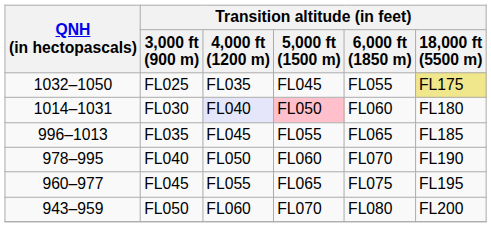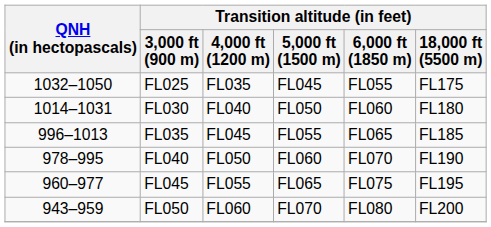 <table class="wikitable" align="right">
 <tr>
 <th rowspan=2><a href='#'>QNH</a><br>(in hectopascals)</th>
 <th colspan=5>Transition altitude (in feet)</th>
 </tr>
 <tr>
 <th>3,000 ft<br>(900 m)</th>
 <th>4,000 ft<br>(1200 m)</th>
 <th>5,000 ft<br>(1500 m)</th>
 <th>6,000 ft<br>(1850 m)</th>
 <th>18,000 ft<br>(5500 m)</th>
 </tr>
 <tr>
 <td align="center">1032–1050</td>
 <td>FL025</td>
 <td>FL035</td>
 <td>FL045</td>
 <td>FL055</td>
-<td style="background: khaki;">FL175</td>
+<td>FL175</td>
 </tr>
 <tr>
 <td align="center">1014–1031</td>
 <td>FL030</td>
-<td style="background: lavender;">FL040</td>
-<td style="background: pink;">FL050</td>
+<td>FL040</td>
+<td>FL050</td>
 <td>FL060</td>
 <td>FL180</td>
 </tr>
 <tr>
 <td align="center">996–1013</td>
 <td>FL035</td>
 <td>FL045</td>
 <td>FL055</td>
 <td>FL065</td>
 <td>FL185</td>
 </tr>
 <tr>
 <td align="center">978–995</td>
 <td>FL040</td>
 <td>FL050</td>
 <td>FL060</td>
 <td>FL070</td>
 <td>FL190</td>
 </tr>
 <tr>
 <td align="center">960–977</td>
 <td>FL045</td>
 <td>FL055</td>
 <td>FL065</td>
 <td>FL075</td>
 <td>FL195</td>
 </tr>
 <tr>
 <td align="center">943–959</td>
 <td>FL050</td>
 <td>FL060</td>
 <td>FL070</td>
 <td>FL080</td>
 <td>FL200</td>
 </tr>
 <tr>
 </tr>
 </table>
